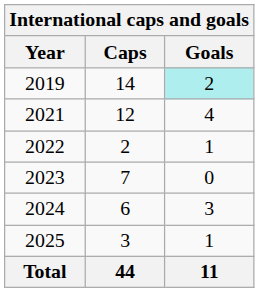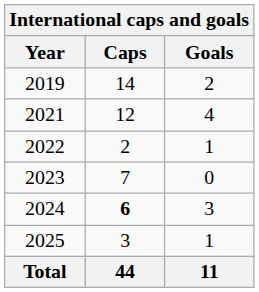 <table class="wikitable sortable" style="text-align:center">
 <tr>
 <th colspan="3">International caps and goals</th>
 </tr>
 <tr>
 <th>Year</th>
 <th>Caps</th>
 <th>Goals</th>
 </tr>
 <tr>
 <td>2019</td>
 <td>14</td>
-<td style="background: paleturquoise;">2</td>
+<td>2</td>
 </tr>
 <tr>
 <td>2021</td>
 <td>12</td>
 <td>4</td>
 </tr>
 <tr>
 <td>2022</td>
 <td>2</td>
 <td>1</td>
 </tr>
 <tr>
 <td>2023</td>
 <td>7</td>
 <td>0</td>
 </tr>
 <tr>
 <td>2024</td>
-<td>6</td>
+<td><strong>6</strong></td>
 <td>3</td>
 </tr>
 <tr>
 <td>2025</td>
 <td>3</td>
 <td>1</td>
 </tr>
 <tr>
 <th>Total</th>
 <th>44</th>
 <th>11</th>
 </tr>
 </table>
